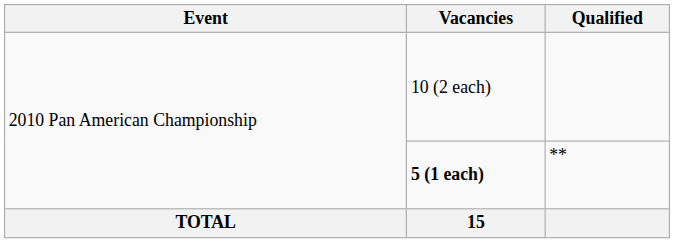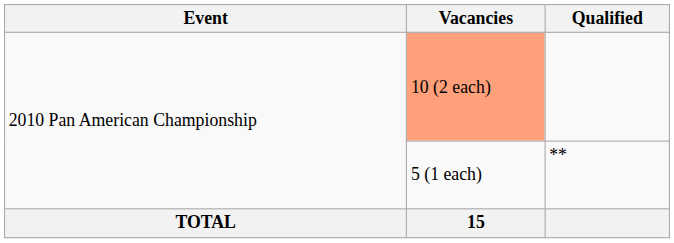 <table class="wikitable" width=600>
 <tr>
 <th>Event</th>
 <th>Vacancies</th>
 <th>Qualified</th>
 </tr>
 <tr>
 <td rowspan="2">2010 Pan American Championship</td>
-<td>10 (2 each)</td>
+<td style="background: lightsalmon;">10 (2 each)</td>
 <td> <br><br><br><br> <br> </td>
 </tr>
 <tr>
-<td><strong>5 (1 each)</strong></td>
+<td>5 (1 each)</td>
 <td>** <br><br><br></td>
 </tr>
 <tr>
 <th colspan="1">TOTAL</th>
 <th>15</th>
 <th></th>
 </tr>
 </table>
